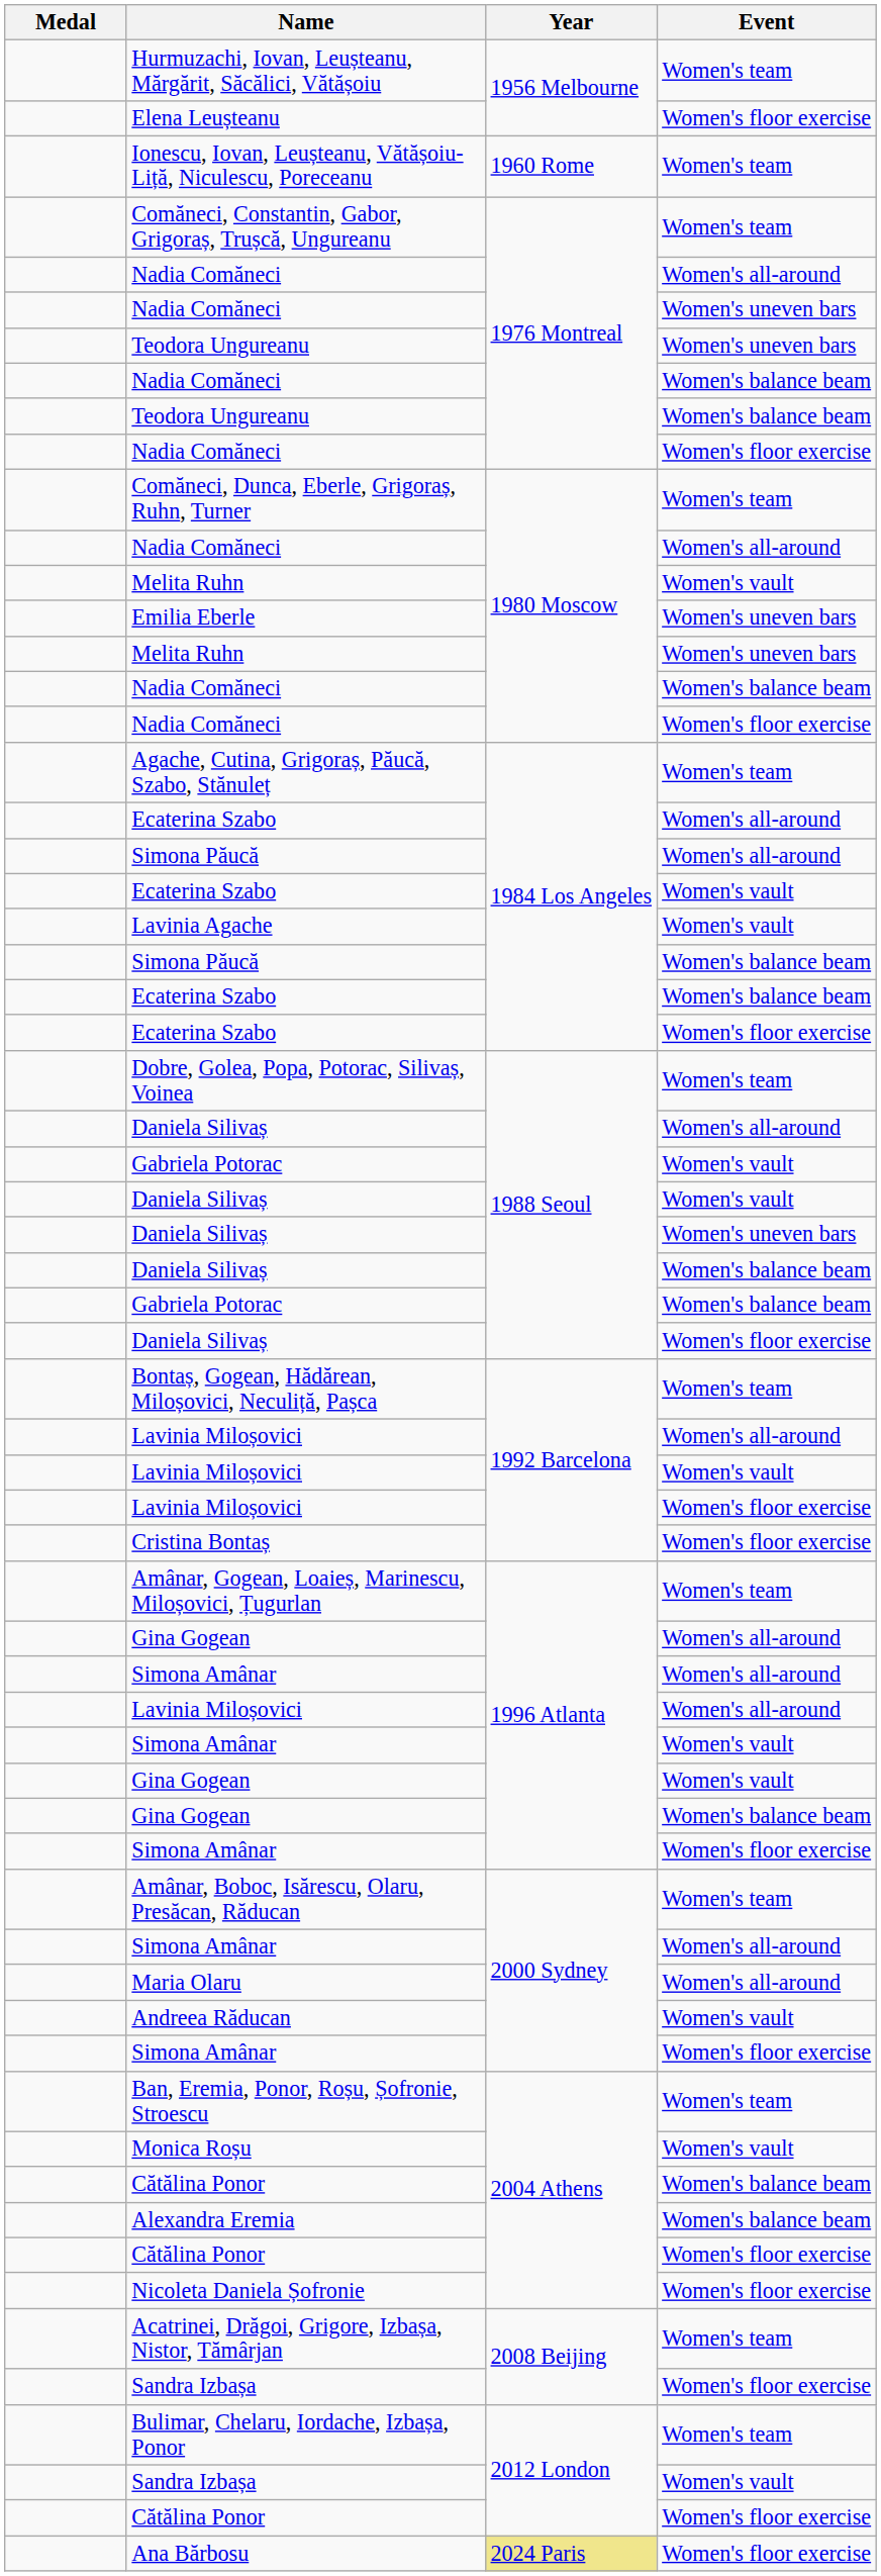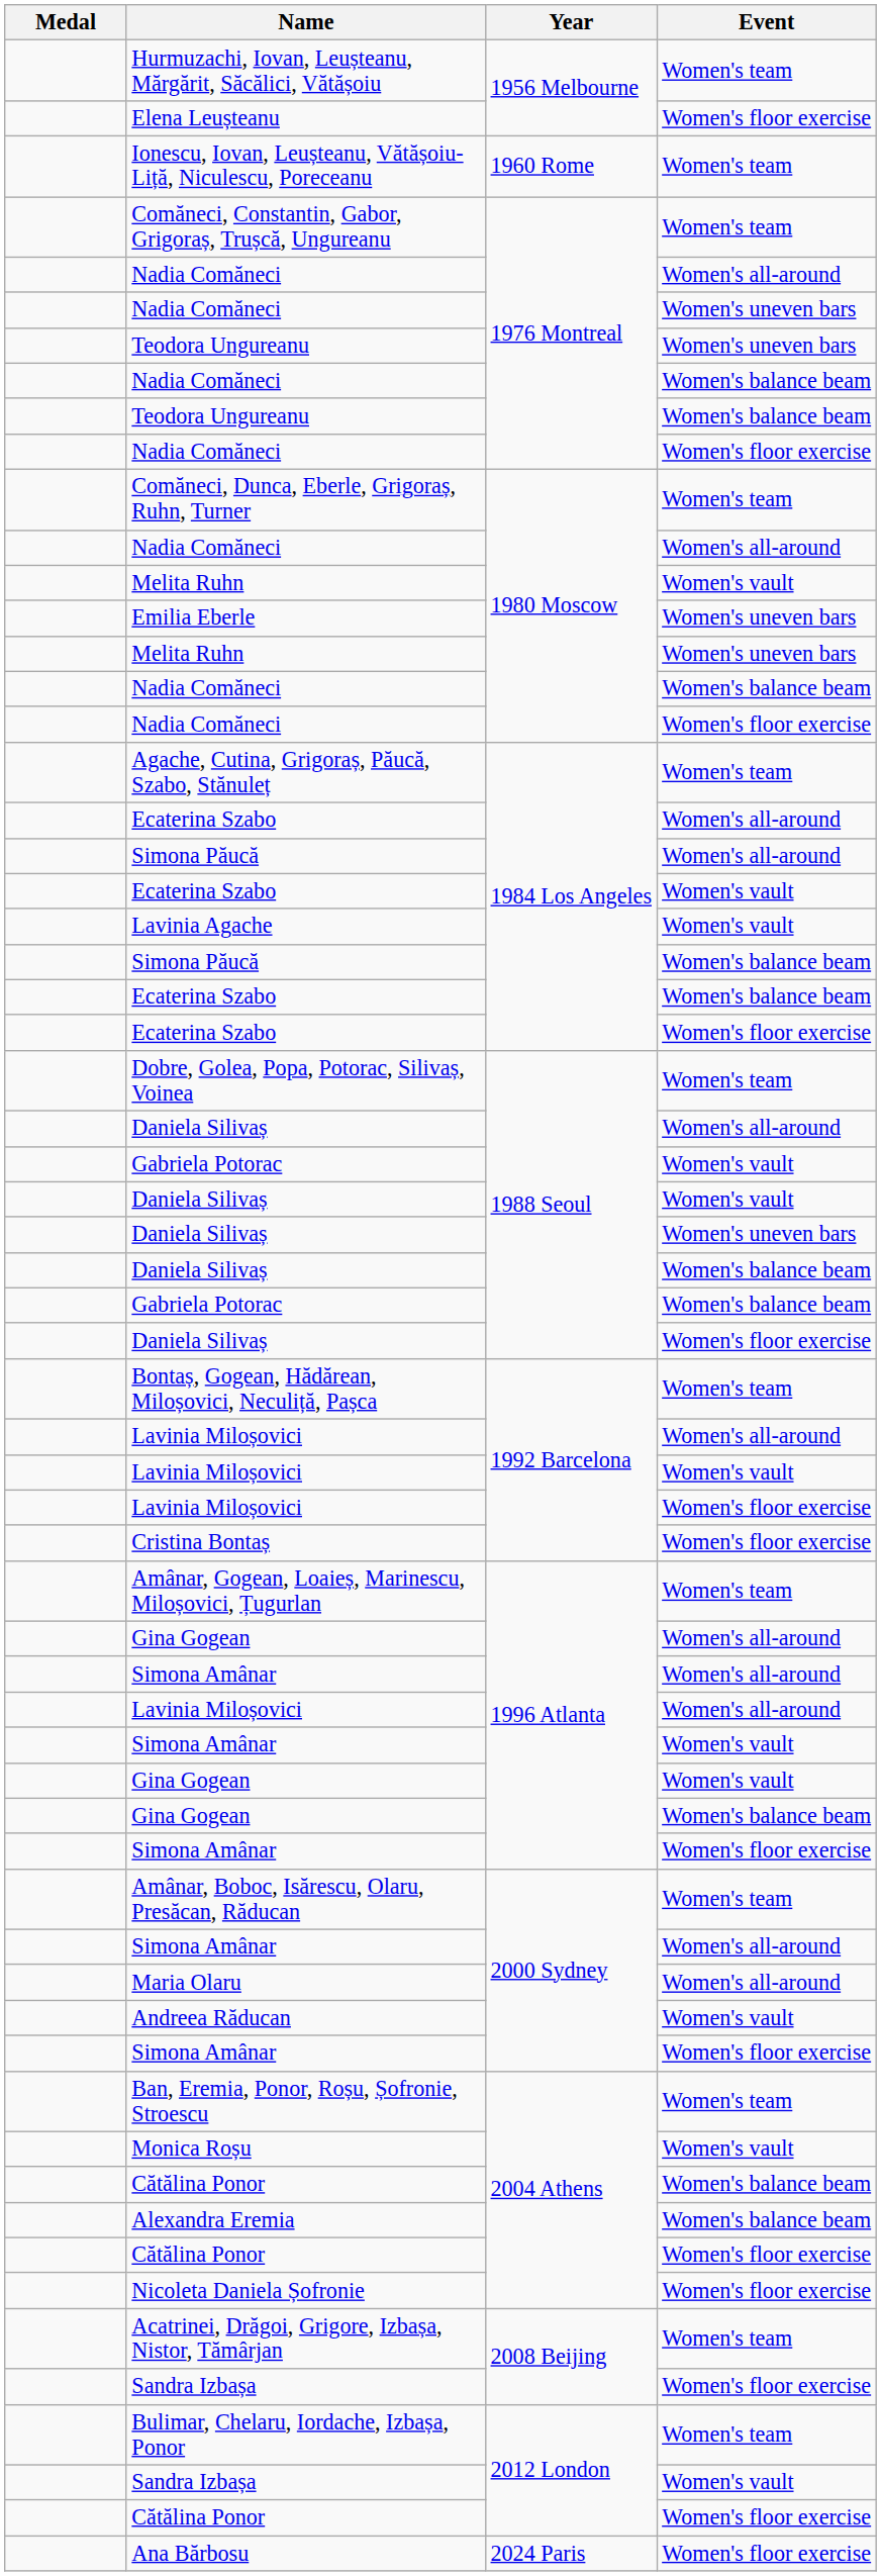 <table class="wikitable sortable">
 <tr>
 <th style="width:5em;">Medal</th>
 <th width=250>Name</th>
 <th>Year</th>
 <th>Event</th>
 </tr>
 <tr>
 <td></td>
 <td><a href='#'>Hurmuzachi</a>, <a href='#'>Iovan</a>, <a href='#'>Leușteanu</a>, <a href='#'>Mărgărit</a>, <a href='#'>Săcălici</a>, <a href='#'>Vătășoiu</a></td>
 <td rowspan="2"> <a href='#'>1956 Melbourne</a></td>
 <td><a href='#'>Women's team</a></td>
 </tr>
 <tr>
 <td></td>
 <td><a href='#'>Elena Leușteanu</a></td>
 <td><a href='#'>Women's floor exercise</a></td>
 </tr>
 <tr>
 <td></td>
 <td><a href='#'>Ionescu</a>, <a href='#'>Iovan</a>, <a href='#'>Leușteanu</a>, <a href='#'>Vătășoiu-Liță</a>, <a href='#'>Niculescu</a>, <a href='#'>Poreceanu</a></td>
 <td> <a href='#'>1960 Rome</a></td>
 <td><a href='#'>Women's team</a></td>
 </tr>
 <tr>
 <td></td>
 <td><a href='#'>Comăneci</a>, <a href='#'>Constantin</a>, <a href='#'>Gabor</a>, <a href='#'>Grigoraș</a>, <a href='#'>Trușcă</a>, <a href='#'>Ungureanu</a></td>
 <td rowspan="7"> <a href='#'>1976 Montreal</a></td>
 <td><a href='#'>Women's team</a></td>
 </tr>
 <tr>
 <td></td>
 <td><a href='#'>Nadia Comăneci</a></td>
 <td><a href='#'>Women's all-around</a></td>
 </tr>
 <tr>
 <td></td>
 <td><a href='#'>Nadia Comăneci</a></td>
 <td><a href='#'>Women's uneven bars</a></td>
 </tr>
 <tr>
 <td></td>
 <td><a href='#'>Teodora Ungureanu</a></td>
 <td><a href='#'>Women's uneven bars</a></td>
 </tr>
 <tr>
 <td></td>
 <td><a href='#'>Nadia Comăneci</a></td>
 <td><a href='#'>Women's balance beam</a></td>
 </tr>
 <tr>
 <td></td>
 <td><a href='#'>Teodora Ungureanu</a></td>
 <td><a href='#'>Women's balance beam</a></td>
 </tr>
 <tr>
 <td></td>
 <td><a href='#'>Nadia Comăneci</a></td>
 <td><a href='#'>Women's floor exercise</a></td>
 </tr>
 <tr>
 <td></td>
 <td><a href='#'>Comăneci</a>, <a href='#'>Dunca</a>, <a href='#'>Eberle</a>, <a href='#'>Grigoraș</a>, <a href='#'>Ruhn</a>, <a href='#'>Turner</a></td>
 <td rowspan="7"> <a href='#'>1980 Moscow</a></td>
 <td><a href='#'>Women's team</a></td>
 </tr>
 <tr>
 <td></td>
 <td><a href='#'>Nadia Comăneci</a></td>
 <td><a href='#'>Women's all-around</a></td>
 </tr>
 <tr>
 <td></td>
 <td><a href='#'>Melita Ruhn</a></td>
 <td><a href='#'>Women's vault</a></td>
 </tr>
 <tr>
 <td></td>
 <td><a href='#'>Emilia Eberle</a></td>
 <td><a href='#'>Women's uneven bars</a></td>
 </tr>
 <tr>
 <td></td>
 <td><a href='#'>Melita Ruhn</a></td>
 <td><a href='#'>Women's uneven bars</a></td>
 </tr>
 <tr>
 <td></td>
 <td><a href='#'>Nadia Comăneci</a></td>
 <td><a href='#'>Women's balance beam</a></td>
 </tr>
 <tr>
 <td></td>
 <td><a href='#'>Nadia Comăneci</a></td>
 <td><a href='#'>Women's floor exercise</a></td>
 </tr>
 <tr>
 <td></td>
 <td><a href='#'>Agache</a>, <a href='#'>Cutina</a>, <a href='#'>Grigoraș</a>, <a href='#'>Păucă</a>, <a href='#'>Szabo</a>, <a href='#'>Stănuleț</a></td>
 <td rowspan="8"> <a href='#'>1984 Los Angeles</a></td>
 <td><a href='#'>Women's team</a></td>
 </tr>
 <tr>
 <td></td>
 <td><a href='#'>Ecaterina Szabo</a></td>
 <td><a href='#'>Women's all-around</a></td>
 </tr>
 <tr>
 <td></td>
 <td><a href='#'>Simona Păucă</a></td>
 <td><a href='#'>Women's all-around</a></td>
 </tr>
 <tr>
 <td></td>
 <td><a href='#'>Ecaterina Szabo</a></td>
 <td><a href='#'>Women's vault</a></td>
 </tr>
 <tr>
 <td></td>
 <td><a href='#'>Lavinia Agache</a></td>
 <td><a href='#'>Women's vault</a></td>
 </tr>
 <tr>
 <td></td>
 <td><a href='#'>Simona Păucă</a></td>
 <td><a href='#'>Women's balance beam</a></td>
 </tr>
 <tr>
 <td></td>
 <td><a href='#'>Ecaterina Szabo</a></td>
 <td><a href='#'>Women's balance beam</a></td>
 </tr>
 <tr>
 <td></td>
 <td><a href='#'>Ecaterina Szabo</a></td>
 <td><a href='#'>Women's floor exercise</a></td>
 </tr>
 <tr>
 <td></td>
 <td><a href='#'>Dobre</a>, <a href='#'>Golea</a>, <a href='#'>Popa</a>, <a href='#'>Potorac</a>, <a href='#'>Silivaș</a>, <a href='#'>Voinea</a></td>
 <td rowspan="8"> <a href='#'>1988 Seoul</a></td>
 <td><a href='#'>Women's team</a></td>
 </tr>
 <tr>
 <td></td>
 <td><a href='#'>Daniela Silivaș</a></td>
 <td><a href='#'>Women's all-around</a></td>
 </tr>
 <tr>
 <td></td>
 <td><a href='#'>Gabriela Potorac</a></td>
 <td><a href='#'>Women's vault</a></td>
 </tr>
 <tr>
 <td></td>
 <td><a href='#'>Daniela Silivaș</a></td>
 <td><a href='#'>Women's vault</a></td>
 </tr>
 <tr>
 <td></td>
 <td><a href='#'>Daniela Silivaș</a></td>
 <td><a href='#'>Women's uneven bars</a></td>
 </tr>
 <tr>
 <td></td>
 <td><a href='#'>Daniela Silivaș</a></td>
 <td><a href='#'>Women's balance beam</a></td>
 </tr>
 <tr>
 <td></td>
 <td><a href='#'>Gabriela Potorac</a></td>
 <td><a href='#'>Women's balance beam</a></td>
 </tr>
 <tr>
 <td></td>
 <td><a href='#'>Daniela Silivaș</a></td>
 <td><a href='#'>Women's floor exercise</a></td>
 </tr>
 <tr>
 <td></td>
 <td><a href='#'>Bontaș</a>, <a href='#'>Gogean</a>, <a href='#'>Hădărean</a>, <a href='#'>Miloșovici</a>, <a href='#'>Neculiță</a>, <a href='#'>Pașca</a></td>
 <td rowspan="5"> <a href='#'>1992 Barcelona</a></td>
 <td><a href='#'>Women's team</a></td>
 </tr>
 <tr>
 <td></td>
 <td><a href='#'>Lavinia Miloșovici</a></td>
 <td><a href='#'>Women's all-around</a></td>
 </tr>
 <tr>
 <td></td>
 <td><a href='#'>Lavinia Miloșovici</a></td>
 <td><a href='#'>Women's vault</a></td>
 </tr>
 <tr>
 <td></td>
 <td><a href='#'>Lavinia Miloșovici</a></td>
 <td><a href='#'>Women's floor exercise</a></td>
 </tr>
 <tr>
 <td></td>
 <td><a href='#'>Cristina Bontaș</a></td>
 <td><a href='#'>Women's floor exercise</a></td>
 </tr>
 <tr>
 <td></td>
 <td><a href='#'>Amânar</a>, <a href='#'>Gogean</a>, <a href='#'>Loaieș</a>, <a href='#'>Marinescu</a>, <a href='#'>Miloșovici</a>, <a href='#'>Țugurlan</a></td>
 <td rowspan="8"> <a href='#'>1996 Atlanta</a></td>
 <td><a href='#'>Women's team</a></td>
 </tr>
 <tr>
 <td></td>
 <td><a href='#'>Gina Gogean</a></td>
 <td><a href='#'>Women's all-around</a></td>
 </tr>
 <tr>
 <td></td>
 <td><a href='#'>Simona Amânar</a></td>
 <td><a href='#'>Women's all-around</a></td>
 </tr>
 <tr>
 <td></td>
 <td><a href='#'>Lavinia Miloșovici</a></td>
 <td><a href='#'>Women's all-around</a></td>
 </tr>
 <tr>
 <td></td>
 <td><a href='#'>Simona Amânar</a></td>
 <td><a href='#'>Women's vault</a></td>
 </tr>
 <tr>
 <td></td>
 <td><a href='#'>Gina Gogean</a></td>
 <td><a href='#'>Women's vault</a></td>
 </tr>
 <tr>
 <td></td>
 <td><a href='#'>Gina Gogean</a></td>
 <td><a href='#'>Women's balance beam</a></td>
 </tr>
 <tr>
 <td></td>
 <td><a href='#'>Simona Amânar</a></td>
 <td><a href='#'>Women's floor exercise</a></td>
 </tr>
 <tr>
 <td></td>
 <td><a href='#'>Amânar</a>, <a href='#'>Boboc</a>, <a href='#'>Isărescu</a>, <a href='#'>Olaru</a>, <a href='#'>Presăcan</a>, <a href='#'>Răducan</a></td>
 <td rowspan="5"> <a href='#'>2000 Sydney</a></td>
 <td><a href='#'>Women's team</a></td>
 </tr>
 <tr>
 <td></td>
 <td><a href='#'>Simona Amânar</a></td>
 <td><a href='#'>Women's all-around</a></td>
 </tr>
 <tr>
 <td></td>
 <td><a href='#'>Maria Olaru</a></td>
 <td><a href='#'>Women's all-around</a></td>
 </tr>
 <tr>
 <td></td>
 <td><a href='#'>Andreea Răducan</a></td>
 <td><a href='#'>Women's vault</a></td>
 </tr>
 <tr>
 <td></td>
 <td><a href='#'>Simona Amânar</a></td>
 <td><a href='#'>Women's floor exercise</a></td>
 </tr>
 <tr>
 <td></td>
 <td><a href='#'>Ban</a>, <a href='#'>Eremia</a>, <a href='#'>Ponor</a>, <a href='#'>Roșu</a>, <a href='#'>Șofronie</a>, <a href='#'>Stroescu</a></td>
 <td rowspan="6"> <a href='#'>2004 Athens</a></td>
 <td><a href='#'>Women's team</a></td>
 </tr>
 <tr>
 <td></td>
 <td><a href='#'>Monica Roșu</a></td>
 <td><a href='#'>Women's vault</a></td>
 </tr>
 <tr>
 <td></td>
 <td><a href='#'>Cătălina Ponor</a></td>
 <td><a href='#'>Women's balance beam</a></td>
 </tr>
 <tr>
 <td></td>
 <td><a href='#'>Alexandra Eremia</a></td>
 <td><a href='#'>Women's balance beam</a></td>
 </tr>
 <tr>
 <td></td>
 <td><a href='#'>Cătălina Ponor</a></td>
 <td><a href='#'>Women's floor exercise</a></td>
 </tr>
 <tr>
 <td></td>
 <td><a href='#'>Nicoleta Daniela Șofronie</a></td>
 <td><a href='#'>Women's floor exercise</a></td>
 </tr>
 <tr>
 <td></td>
 <td><a href='#'>Acatrinei</a>, <a href='#'>Drăgoi</a>, <a href='#'>Grigore</a>, <a href='#'>Izbașa</a>, <a href='#'>Nistor</a>, <a href='#'>Tămârjan</a></td>
 <td rowspan="2"> <a href='#'>2008 Beijing</a></td>
 <td><a href='#'>Women's team</a></td>
 </tr>
 <tr>
 <td></td>
 <td><a href='#'>Sandra Izbașa</a></td>
 <td><a href='#'>Women's floor exercise</a></td>
 </tr>
 <tr>
 <td></td>
 <td><a href='#'>Bulimar</a>, <a href='#'>Chelaru</a>, <a href='#'>Iordache</a>, <a href='#'>Izbașa</a>, <a href='#'>Ponor</a></td>
 <td rowspan="3"> <a href='#'>2012 London</a></td>
 <td><a href='#'>Women's team</a></td>
 </tr>
 <tr>
 <td></td>
 <td><a href='#'>Sandra Izbașa</a></td>
 <td><a href='#'>Women's vault</a></td>
 </tr>
 <tr>
 <td></td>
 <td><a href='#'>Cătălina Ponor</a></td>
 <td><a href='#'>Women's floor exercise</a></td>
 </tr>
 <tr>
 <td></td>
 <td><a href='#'>Ana Bărbosu</a></td>
-<td rowspan="1" style="background: khaki;"> <a href='#'> 2024 Paris</a></td>
+<td rowspan="1"> <a href='#'> 2024 Paris</a></td>
 <td><a href='#'>Women's floor exercise</a></td>
 </tr>
 </table>
